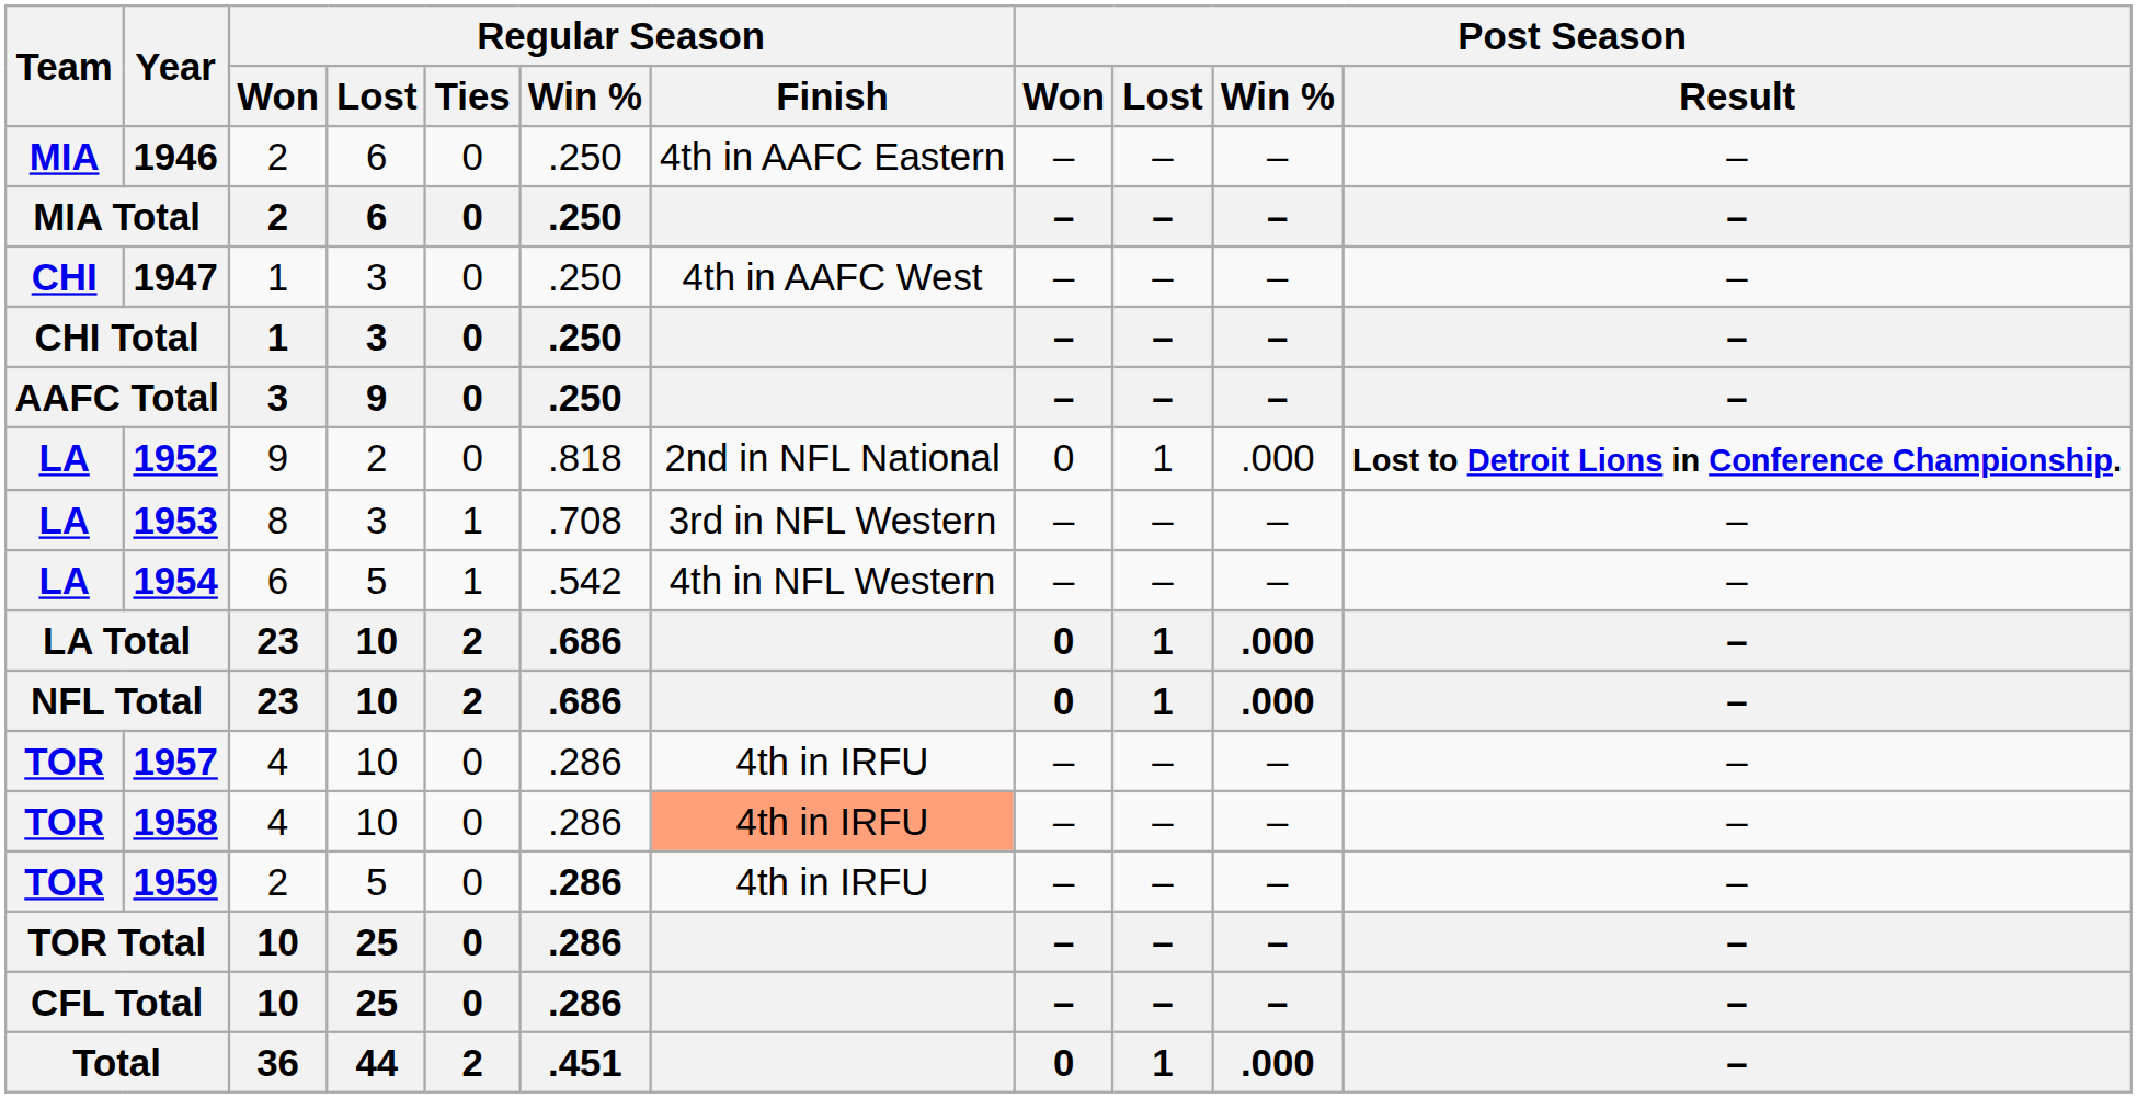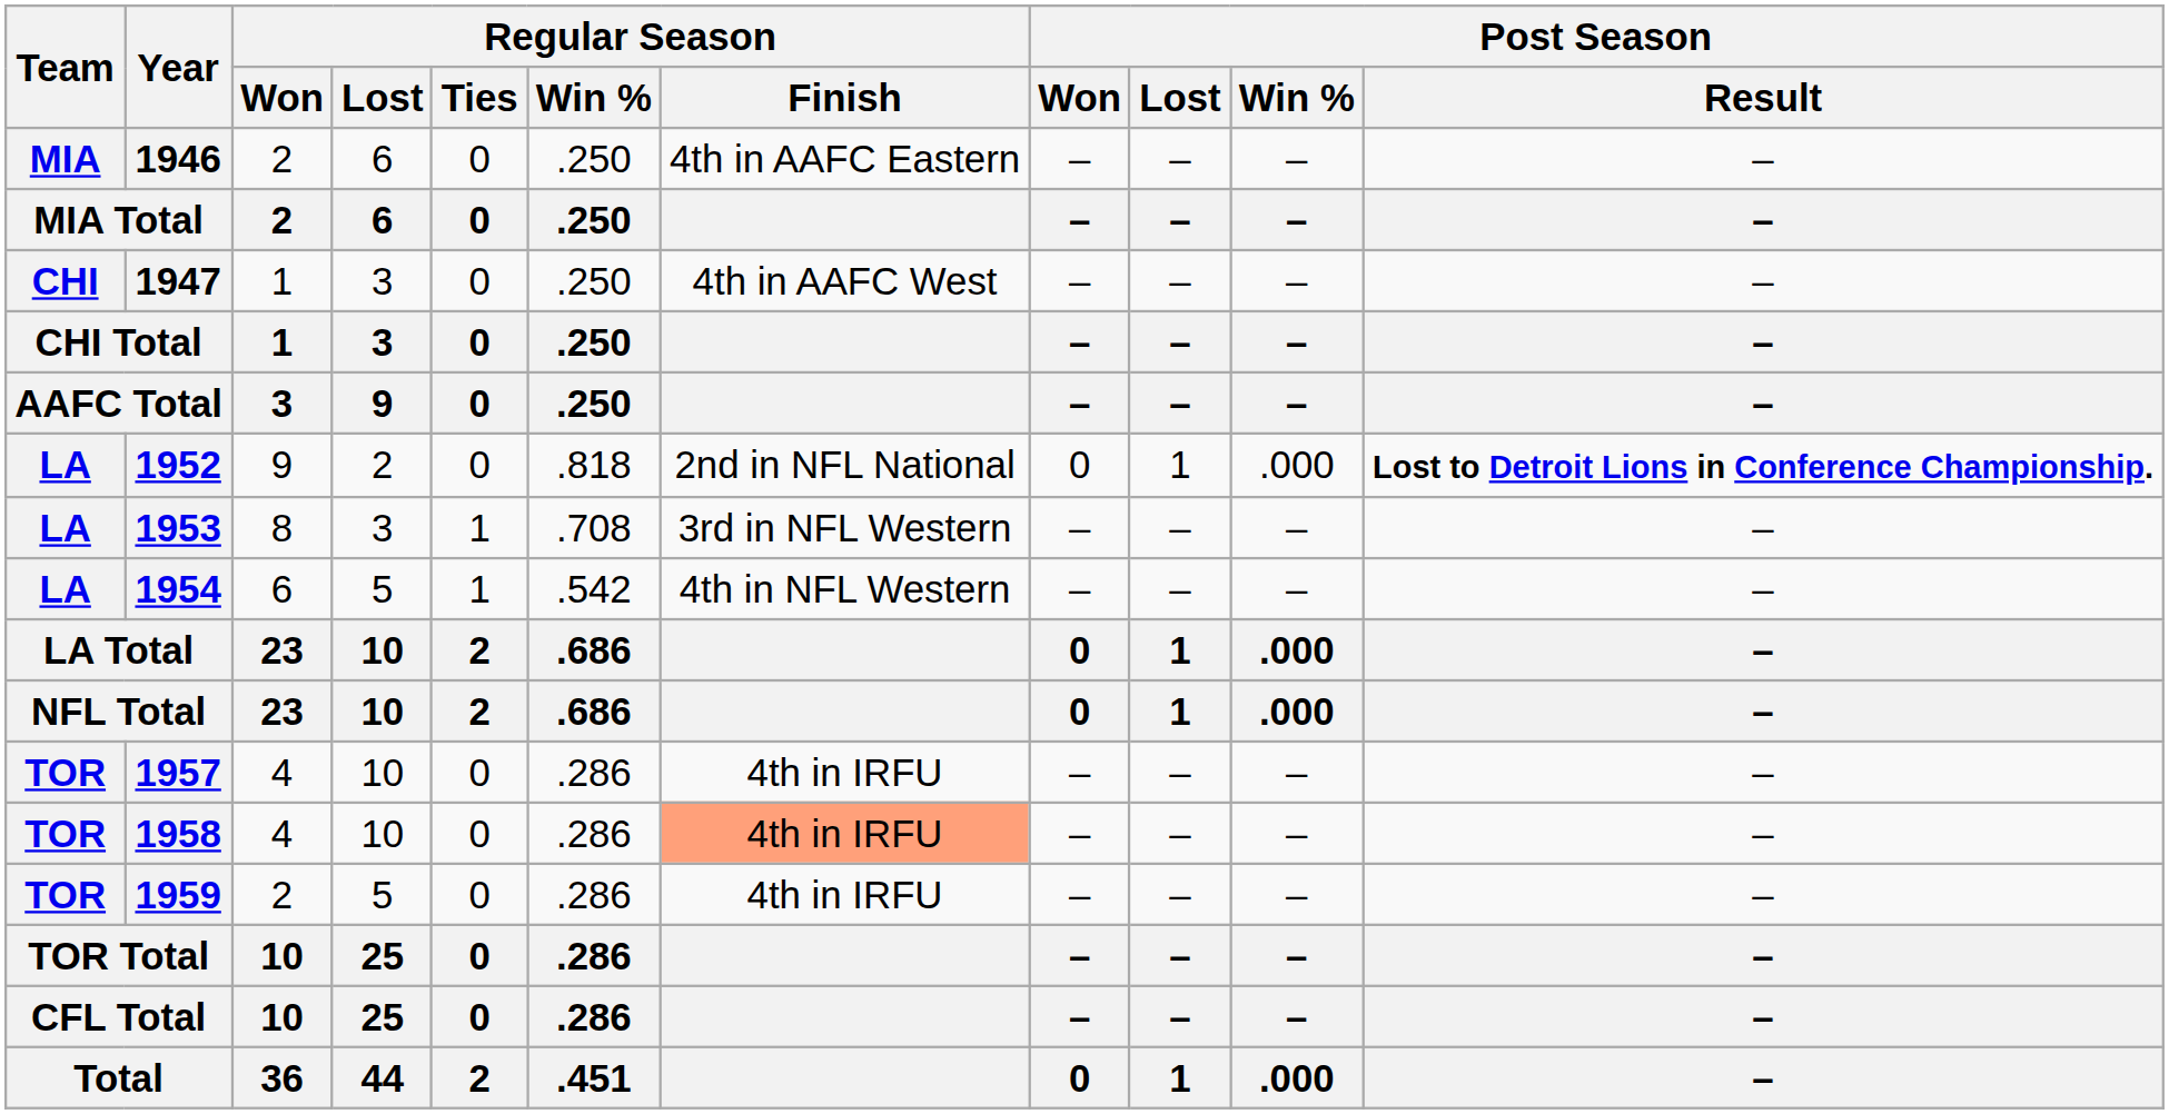 <table class="wikitable" style="font-size: 95%; text-align:center;">
 <tr>
 <th rowspan="2">Team</th>
 <th rowspan="2">Year</th>
 <th colspan="5">Regular Season</th>
 <th colspan="4">Post Season</th>
 </tr>
 <tr>
 <th>Won</th>
 <th>Lost</th>
 <th>Ties</th>
 <th>Win %</th>
 <th>Finish</th>
 <th>Won</th>
 <th>Lost</th>
 <th>Win %</th>
 <th>Result</th>
 </tr>
 <tr>
 <th><a href='#'>MIA</a></th>
 <th>1946</th>
 <td>2</td>
 <td>6</td>
 <td>0</td>
 <td>.250</td>
 <td>4th in AAFC Eastern</td>
 <td>–</td>
 <td>–</td>
 <td>–</td>
 <td>–</td>
 </tr>
 <tr>
 <th colspan="2">MIA Total</th>
 <th>2</th>
 <th>6</th>
 <th>0</th>
 <th>.250</th>
 <th></th>
 <th>–</th>
 <th>–</th>
 <th>–</th>
 <th>–</th>
 </tr>
 <tr>
 <th><a href='#'>CHI</a></th>
 <th>1947</th>
 <td>1</td>
 <td>3</td>
 <td>0</td>
 <td>.250</td>
 <td>4th in AAFC West</td>
 <td>–</td>
 <td>–</td>
 <td>–</td>
 <td>–</td>
 </tr>
 <tr>
 <th colspan="2">CHI Total</th>
 <th>1</th>
 <th>3</th>
 <th>0</th>
 <th>.250</th>
 <th></th>
 <th>–</th>
 <th>–</th>
 <th>–</th>
 <th>–</th>
 </tr>
 <tr>
 <th colspan="2">AAFC Total</th>
 <th>3</th>
 <th>9</th>
 <th>0</th>
 <th>.250</th>
 <th></th>
 <th>–</th>
 <th>–</th>
 <th>–</th>
 <th>–</th>
 </tr>
 <tr>
 <th><a href='#'>LA</a></th>
 <th><a href='#'>1952</a></th>
 <td>9</td>
 <td>2</td>
 <td>0</td>
 <td>.818</td>
 <td>2nd in NFL National</td>
 <td>0</td>
 <td>1</td>
 <td>.000</td>
 <td><small><strong>Lost to <a href='#'>Detroit Lions</a> in <a href='#'>Conference Championship</a>.</strong></small></td>
 </tr>
 <tr>
 <th><a href='#'>LA</a></th>
 <th><a href='#'>1953</a></th>
 <td>8</td>
 <td>3</td>
 <td>1</td>
 <td>.708</td>
 <td>3rd in NFL Western</td>
 <td>–</td>
 <td>–</td>
 <td>–</td>
 <td>–</td>
 </tr>
 <tr>
 <th><a href='#'>LA</a></th>
 <th><a href='#'>1954</a></th>
 <td>6</td>
 <td>5</td>
 <td>1</td>
 <td>.542</td>
 <td>4th in NFL Western</td>
 <td>–</td>
 <td>–</td>
 <td>–</td>
 <td>–</td>
 </tr>
 <tr>
 <th colspan="2">LA Total</th>
 <th>23</th>
 <th>10</th>
 <th>2</th>
 <th>.686</th>
 <th></th>
 <th>0</th>
 <th>1</th>
 <th>.000</th>
 <th>–</th>
 </tr>
 <tr>
 <th colspan="2">NFL Total</th>
 <th>23</th>
 <th>10</th>
 <th>2</th>
 <th>.686</th>
 <th></th>
 <th>0</th>
 <th>1</th>
 <th>.000</th>
 <th>–</th>
 </tr>
 <tr>
 <th><a href='#'>TOR</a></th>
 <th><a href='#'>1957</a></th>
 <td>4</td>
 <td>10</td>
 <td>0</td>
 <td>.286</td>
 <td>4th in IRFU</td>
 <td>–</td>
 <td>–</td>
 <td>–</td>
 <td>–</td>
 </tr>
 <tr>
 <th><a href='#'>TOR</a></th>
 <th><a href='#'>1958</a></th>
 <td>4</td>
 <td>10</td>
 <td>0</td>
 <td>.286</td>
 <td style="background: lightsalmon;">4th in IRFU</td>
 <td>–</td>
 <td>–</td>
 <td>–</td>
 <td>–</td>
 </tr>
 <tr>
 <th><a href='#'>TOR</a></th>
 <th><a href='#'>1959</a></th>
 <td>2</td>
 <td>5</td>
 <td>0</td>
-<td><strong>.286</strong></td>
+<td>.286</td>
 <td>4th in IRFU</td>
 <td>–</td>
 <td>–</td>
 <td>–</td>
 <td>–</td>
 </tr>
 <tr>
 <th colspan="2">TOR Total</th>
 <th>10</th>
 <th>25</th>
 <th>0</th>
 <th>.286</th>
 <th></th>
 <th>–</th>
 <th>–</th>
 <th>–</th>
 <th>–</th>
 </tr>
 <tr>
 <th colspan="2">CFL Total</th>
 <th>10</th>
 <th>25</th>
 <th>0</th>
 <th>.286</th>
 <th></th>
 <th>–</th>
 <th>–</th>
 <th>–</th>
 <th>–</th>
 </tr>
 <tr>
 <th colspan="2">Total</th>
 <th>36</th>
 <th>44</th>
 <th>2</th>
 <th>.451</th>
 <th></th>
 <th>0</th>
 <th>1</th>
 <th>.000</th>
 <th>–</th>
 </tr>
 </table>
